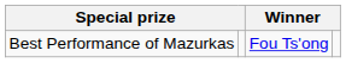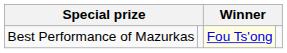 <table class="wikitable">
 <tr>
 <th colspan="2">Special prize</th>
 <th colspan="2">Winner</th>
 </tr>
 <tr>
 <td>Best Performance of Mazurkas</td>
 <td></td>
-<td><a href='#'>Fou Ts'ong</a></td>
+<td style="background: lightyellow;"><a href='#'>Fou Ts'ong</a></td>
 <td></td>
 </tr>
 </table>
